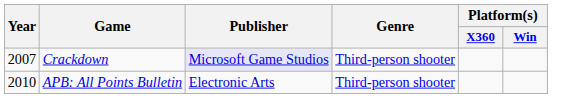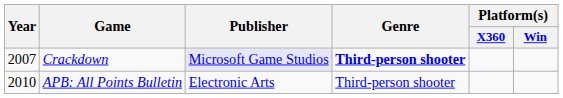 <table class="wikitable sortable">
 <tr>
 <th rowspan="2">Year</th>
 <th rowspan="2">Game</th>
 <th class="unsortable" rowspan="2">Publisher</th>
 <th class="unsortable" rowspan="2">Genre</th>
 <th colspan="2">Platform(s)</th>
 </tr>
 <tr>
 <th style="width:3em; font-size:90%" class="unsortable"><a href='#'>X360</a></th>
 <th style="width:3em; font-size:90%" class="unsortable"><a href='#'>Win</a></th>
 </tr>
 <tr>
 <td>2007</td>
 <td><em><a href='#'>Crackdown</a></em></td>
 <td style="background: lavender;"><a href='#'>Microsoft Game Studios</a></td>
-<td><a href='#'>Third-person shooter</a></td>
+<td><strong><a href='#'>Third-person shooter</a></strong></td>
 <td></td>
 <td></td>
 </tr>
 <tr>
 <td>2010</td>
 <td><em><a href='#'>APB: All Points Bulletin</a></em></td>
 <td><a href='#'>Electronic Arts</a></td>
 <td><a href='#'>Third-person shooter</a></td>
 <td></td>
 <td></td>
 </tr>
 </table>
